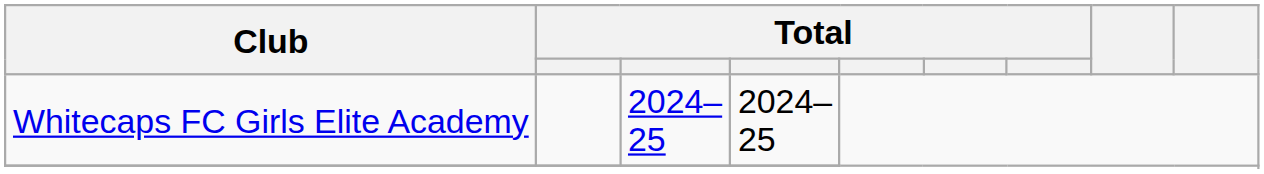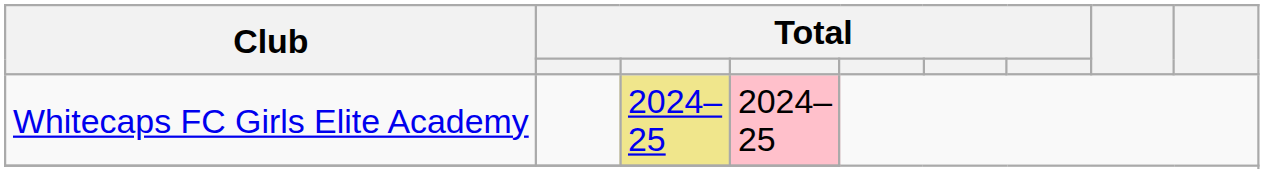 <table class="wikitable sortable" style="font-size:95%; text-align: center;">
 <tr>
 <th rowspan="2">Club</th>
 <th style="width:30px;" colspan=6>Total</th>
 <th rowspan="2" style="width:2em"></th>
 <th rowspan="2" style="width:2em"></th>
 </tr>
 <tr>
 <th style="width:2em"></th>
 <th style="width:2em"></th>
 <th style="width:2em"></th>
 <th style="width:2em"></th>
 <th style="width:2em"></th>
 <th style="width:2em"></th>
 </tr>
 <tr>
 <td style="text-align: left;"><a href='#'>Whitecaps FC Girls Elite Academy</a></td>
 <td 1></td>
-<td style="text-align: left;"><a href='#'>2024–25</a></td>
-<td style="text-align: left;">2024–25</td>
+<td style="background: khaki; text-align: left;"><a href='#'>2024–25</a></td>
+<td style="background: pink; text-align: left;">2024–25</td>
 </tr>
 <tr>
 </tr>
 </table>
